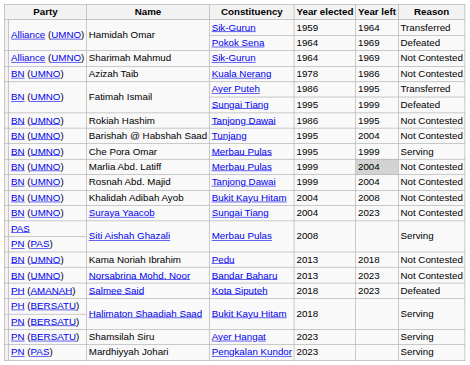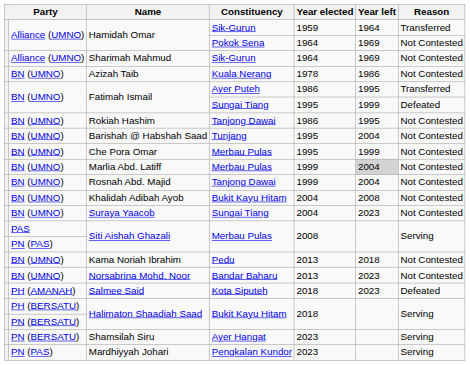 <table class="wikitable sortable">
 <tr>
 <th colspan=2>Party</th>
 <th>Name</th>
 <th>Constituency</th>
 <th>Year elected</th>
 <th>Year left</th>
 <th>Reason</th>
 </tr>
 <tr>
 <th rowspan=2 style="background-color: "></th>
 <td rowspan=2><a href='#'>Alliance</a> (<a href='#'>UMNO</a>)</td>
 <td rowspan=2>Hamidah Omar</td>
 <td><a href='#'>Sik-Gurun</a></td>
 <td>1959</td>
 <td>1964</td>
 <td>Transferred</td>
 </tr>
 <tr>
 <td><a href='#'>Pokok Sena</a></td>
 <td>1964</td>
 <td>1969</td>
-<td>Defeated</td>
+<td>Not Contested</td>
 </tr>
 <tr>
 <th style="background-color: "></th>
 <td><a href='#'>Alliance</a> (<a href='#'>UMNO</a>)</td>
 <td>Sharimah Mahmud</td>
 <td><a href='#'>Sik-Gurun</a></td>
 <td>1964</td>
 <td>1969</td>
 <td>Not Contested</td>
 </tr>
 <tr>
 <th style="background-color: "></th>
 <td><a href='#'>BN</a> (<a href='#'>UMNO</a>)</td>
 <td>Azizah Taib</td>
 <td><a href='#'>Kuala Nerang</a></td>
 <td>1978</td>
 <td>1986</td>
 <td>Not Contested</td>
 </tr>
 <tr>
 <th rowspan=2 style="background-color: "></th>
 <td rowspan=2><a href='#'>BN</a> (<a href='#'>UMNO</a>)</td>
 <td rowspan=2>Fatimah Ismail</td>
 <td><a href='#'>Ayer Puteh</a></td>
 <td>1986</td>
 <td>1995</td>
 <td>Transferred</td>
 </tr>
 <tr>
 <td><a href='#'>Sungai Tiang</a></td>
 <td>1995</td>
 <td>1999</td>
 <td>Defeated</td>
 </tr>
 <tr>
 <th style="background-color: "></th>
 <td><a href='#'>BN</a> (<a href='#'>UMNO</a>)</td>
 <td>Rokiah Hashim</td>
 <td><a href='#'>Tanjong Dawai</a></td>
 <td>1986</td>
 <td>1995</td>
 <td>Not Contested</td>
 </tr>
 <tr>
 <th style="background-color: "></th>
 <td><a href='#'>BN</a> (<a href='#'>UMNO</a>)</td>
 <td>Barishah @ Habshah Saad</td>
 <td><a href='#'>Tunjang</a></td>
 <td>1995</td>
 <td>2004</td>
 <td>Not Contested</td>
 </tr>
 <tr>
 <th style="background-color: "></th>
 <td><a href='#'>BN</a> (<a href='#'>UMNO</a>)</td>
 <td>Che Pora Omar</td>
 <td><a href='#'>Merbau Pulas</a></td>
 <td>1995</td>
 <td>1999</td>
-<td>Serving</td>
+<td>Not Contested</td>
 </tr>
 <tr>
 <th style="background-color: "></th>
 <td><a href='#'>BN</a> (<a href='#'>UMNO</a>)</td>
 <td>Marlia Abd. Latiff</td>
 <td><a href='#'>Merbau Pulas</a></td>
 <td>1999</td>
 <td style="background: lightgrey;">2004</td>
 <td>Not Contested</td>
 </tr>
 <tr>
 <th style="background-color: "></th>
 <td><a href='#'>BN</a> (<a href='#'>UMNO</a>)</td>
 <td>Rosnah Abd. Majid</td>
 <td><a href='#'>Tanjong Dawai</a></td>
 <td>1999</td>
 <td>2004</td>
 <td>Not Contested</td>
 </tr>
 <tr>
 <th style="background-color: "></th>
 <td><a href='#'>BN</a> (<a href='#'>UMNO</a>)</td>
 <td>Khalidah Adibah Ayob</td>
 <td><a href='#'>Bukit Kayu Hitam</a></td>
 <td>2004</td>
 <td>2008</td>
 <td>Not Contested</td>
 </tr>
 <tr>
 <th style="background-color: "></th>
 <td><a href='#'>BN</a> (<a href='#'>UMNO</a>)</td>
 <td><a href='#'>Suraya Yaacob</a></td>
 <td><a href='#'>Sungai Tiang</a></td>
 <td>2004</td>
 <td>2023</td>
 <td>Not Contested</td>
 </tr>
 <tr>
 <th style="background-color: "></th>
 <td><a href='#'>PAS</a></td>
 <td rowspan=2><a href='#'>Siti Aishah Ghazali</a></td>
 <td rowspan=2><a href='#'>Merbau Pulas</a></td>
 <td rowspan=2>2008</td>
 <td rowspan=2></td>
 <td rowspan=2>Serving</td>
 </tr>
 <tr>
 <th style="background-color: "></th>
 <td><a href='#'>PN</a> (<a href='#'>PAS</a>)</td>
 </tr>
 <tr>
 <th style="background-color: "></th>
 <td><a href='#'>BN</a> (<a href='#'>UMNO</a>)</td>
 <td>Kama Noriah Ibrahim</td>
 <td><a href='#'>Pedu</a></td>
 <td>2013</td>
 <td>2018</td>
 <td>Not Contested</td>
 </tr>
 <tr>
 <th style="background-color: "></th>
 <td><a href='#'>BN</a> (<a href='#'>UMNO</a>)</td>
 <td><a href='#'>Norsabrina Mohd. Noor</a></td>
 <td><a href='#'>Bandar Baharu</a></td>
 <td>2013</td>
 <td>2023</td>
 <td>Not Contested</td>
 </tr>
 <tr>
 <th style="background-color: "></th>
 <td><a href='#'>PH</a> (<a href='#'>AMANAH</a>)</td>
 <td><a href='#'>Salmee Said</a></td>
 <td><a href='#'>Kota Siputeh</a></td>
 <td>2018</td>
 <td>2023</td>
 <td>Defeated</td>
 </tr>
 <tr>
 <th style="background-color: "></th>
 <td><a href='#'>PH</a> (<a href='#'>BERSATU</a>)</td>
 <td rowspan=2><a href='#'>Halimaton Shaadiah Saad</a></td>
 <td rowspan=2><a href='#'>Bukit Kayu Hitam</a></td>
 <td rowspan=2>2018</td>
 <td rowspan=2></td>
 <td rowspan=2>Serving</td>
 </tr>
 <tr>
 <th style="background-color: "></th>
 <td><a href='#'>PN</a> (<a href='#'>BERSATU</a>)</td>
 </tr>
 <tr>
 <th style="background-color: "></th>
 <td><a href='#'>PN</a> (<a href='#'>BERSATU</a>)</td>
 <td>Shamsilah Siru</td>
 <td><a href='#'>Ayer Hangat</a></td>
 <td>2023</td>
 <td></td>
 <td>Serving</td>
 </tr>
 <tr>
 <th style="background-color: "></th>
 <td><a href='#'>PN</a> (<a href='#'>PAS</a>)</td>
 <td>Mardhiyyah Johari</td>
 <td><a href='#'>Pengkalan Kundor</a></td>
 <td>2023</td>
 <td></td>
 <td>Serving</td>
 </tr>
 </table>
